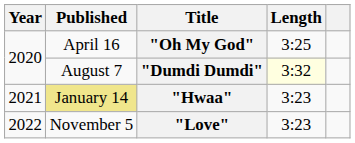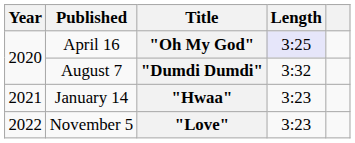 <table class="wikitable plainrowheaders" style="text-align:center">
 <tr>
 <th scope="col">Year</th>
 <th scope="col">Published</th>
 <th scope="col">Title</th>
 <th scope="col">Length</th>
 <th scope="col" style="width:1em"></th>
 </tr>
 <tr>
 <td rowspan="2">2020</td>
 <td>April 16</td>
 <th scope="row">"Oh My God"</th>
-<td>3:25</td>
+<td style="background: lavender;">3:25</td>
 <td></td>
 </tr>
 <tr>
 <td>August 7</td>
 <th scope="row">"Dumdi Dumdi"</th>
-<td style="background: lightyellow;">3:32</td>
+<td>3:32</td>
 <td></td>
 </tr>
 <tr>
 <td>2021</td>
-<td style="background: khaki;">January 14</td>
+<td>January 14</td>
 <th scope="row">"Hwaa"</th>
 <td>3:23</td>
 <td></td>
 </tr>
 <tr>
 <td>2022</td>
 <td>November 5</td>
 <th scope="row">"Love"</th>
 <td>3:23</td>
 <td></td>
 </tr>
 </table>
